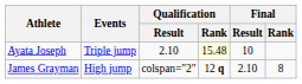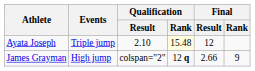 <table class=wikitable style="font-size:90%">
 <tr>
 <th rowspan="2">Athlete</th>
 <th rowspan="2">Events</th>
 <th colspan="2">Qualification</th>
 <th colspan="2">Final</th>
 </tr>
 <tr>
 <th>Result</th>
 <th>Rank</th>
 <th>Result</th>
 <th>Rank</th>
 </tr>
 <tr>
 <td><a href='#'>Ayata Joseph</a></td>
 <td><a href='#'>Triple jump</a></td>
 <td align="center">2.10</td>
 <td align="center" style="background: lightyellow;">15.48</td>
-<td align="center">10</td>
+<td align="center">12</td>
 </tr>
 <tr>
 <td><a href='#'>James Grayman</a></td>
 <td><a href='#'>High jump</a></td>
 <td>colspan="2" </td>
 <td align="center">12 <strong>q</strong></td>
-<td align="center">2.10</td>
-<td align="center">8</td>
+<td align="center">2.66</td>
+<td align="center">9</td>
 </tr>
 </table>
